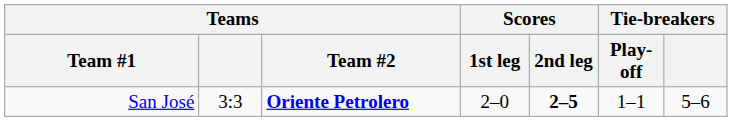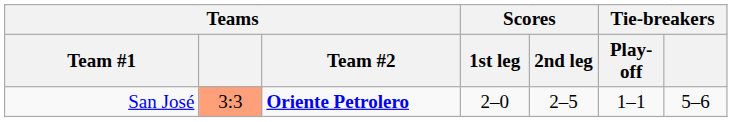 <table class="wikitable" style="text-align: center;">
 <tr>
 <th colspan=3>Teams</th>
 <th colspan=2>Scores</th>
 <th colspan=2>Tie-breakers</th>
 </tr>
 <tr>
 <th width="175">Team #1</th>
 <th width="50"></th>
 <th width="175">Team #2</th>
 <th width="55">1st leg</th>
 <th width="55">2nd leg</th>
 <th width="50">Play-off</th>
 <th width="50"></th>
 </tr>
 <tr>
 <td align=right><a href='#'>San José</a></td>
-<td>3:3</td>
+<td style="background: lightsalmon;">3:3</td>
 <td align=left><strong><a href='#'>Oriente Petrolero</a></strong></td>
 <td>2–0</td>
-<td><strong>2–5</strong></td>
+<td>2–5</td>
 <td>1–1</td>
 <td>5–6</td>
 </tr>
 </table>
